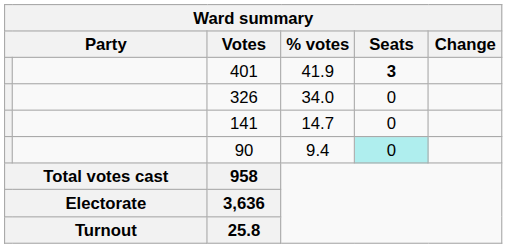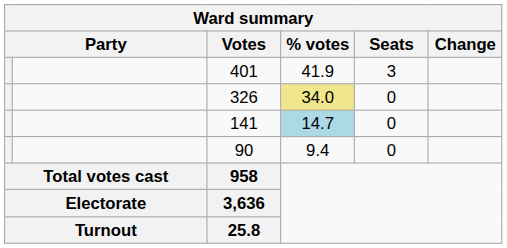 <table class="wikitable" style="font-size: 95%;">
 <tr style="background-color:#E9E9E9">
 <th colspan="6">Ward summary</th>
 </tr>
 <tr style="background-color:#E9E9E9">
 <th colspan="2">Party</th>
 <th style="width: 60px">Votes</th>
 <th style="width: 60px">% votes</th>
 <th style="width: 60px">Seats</th>
 <th style="width: 60px">Change</th>
 </tr>
 <tr>
 <th style="background-color: "></th>
 <td style="width: 170px"><a href='#'></a></td>
 <td align="center">401</td>
 <td align="center">41.9</td>
-<td align="center"><strong>3</strong></td>
+<td align="center">3</td>
 <td align="center"></td>
 </tr>
 <tr>
 <th style="background-color: "></th>
 <td style="width: 170px"><a href='#'></a></td>
 <td align="center">326</td>
-<td align="center">34.0</td>
+<td align="center" style="background: khaki;">34.0</td>
 <td align="center">0</td>
 <td align="center"></td>
 </tr>
 <tr>
 <th style="background-color: "></th>
 <td style="width: 170px"><a href='#'></a></td>
 <td align="center">141</td>
-<td align="center">14.7</td>
+<td align="center" style="background: lightblue;">14.7</td>
 <td align="center">0</td>
 <td align="center"></td>
 </tr>
 <tr>
 <th style="background-color: "></th>
 <td style="width: 170px"><a href='#'></a></td>
 <td align="center">90</td>
 <td align="center">9.4</td>
-<td align="center" style="background: paleturquoise;">0</td>
+<td align="center">0</td>
 <td align="center"></td>
 </tr>
 <tr style="background-color:#E9E9E9">
 <th colspan="2">Total votes cast</th>
 <th style="width: 60px">958</th>
 </tr>
 <tr style="background-color:#E9E9E9">
 <th colspan="2">Electorate</th>
 <th style="width: 60px">3,636</th>
 </tr>
 <tr style="background-color:#E9E9E9">
 <th colspan="2">Turnout</th>
 <th style="width: 60px">25.8</th>
 </tr>
 </table>
